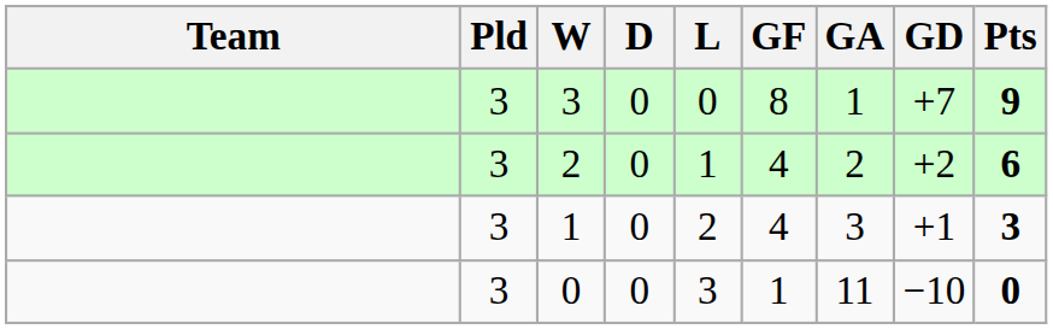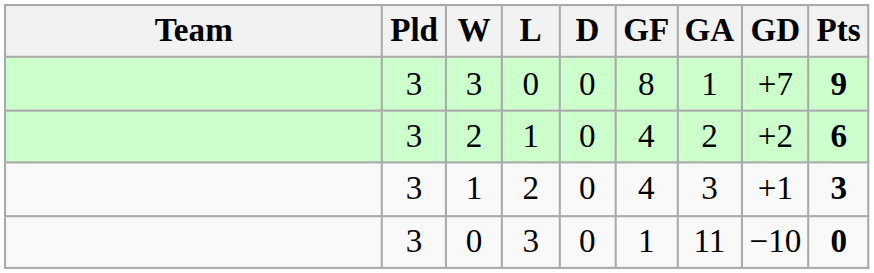 <table class="wikitable" style="text-align:center">
 <tr>
 <th width="175">Team</th>
 <th width="20">Pld</th>
 <th width="20">W</th>
+<th width="20">L</th>
 <th width="20">D</th>
-<th width="20">L</th>
 <th width="20">GF</th>
 <th width="20">GA</th>
 <th width="20">GD</th>
 <th width="20">Pts</th>
 </tr>
 <tr bgcolor="#ccffcc">
 <td align=left></td>
 <td>3</td>
 <td>3</td>
 <td>0</td>
 <td>0</td>
 <td>8</td>
 <td>1</td>
 <td>+7</td>
 <td><strong>9</strong></td>
 </tr>
 <tr bgcolor="#ccffcc">
 <td align=left></td>
 <td>3</td>
 <td>2</td>
+<td>1</td>
 <td>0</td>
-<td>1</td>
 <td>4</td>
 <td>2</td>
 <td>+2</td>
 <td><strong>6</strong></td>
 </tr>
 <tr>
 <td align=left></td>
 <td>3</td>
 <td>1</td>
+<td>2</td>
 <td>0</td>
-<td>2</td>
 <td>4</td>
 <td>3</td>
 <td>+1</td>
 <td><strong>3</strong></td>
 </tr>
 <tr>
 <td align=left></td>
 <td>3</td>
 <td>0</td>
+<td>3</td>
 <td>0</td>
-<td>3</td>
 <td>1</td>
 <td>11</td>
 <td>−10</td>
 <td><strong>0</strong></td>
 </tr>
 </table>
